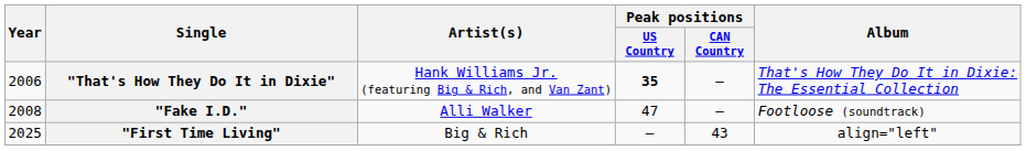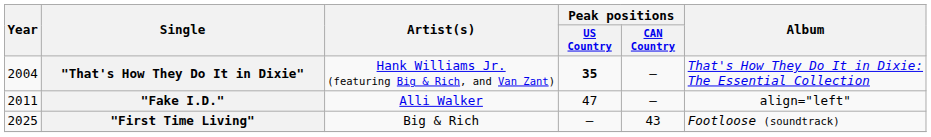 <table class="wikitable plainrowheaders" style="text-align:center;">
 <tr>
 <th rowspan="2">Year</th>
 <th rowspan="2" style="width:22em;">Single</th>
 <th rowspan="2">Artist(s)</th>
 <th colspan="2">Peak positions</th>
 <th rowspan="2">Album</th>
 </tr>
 <tr style="font-size:smaller;">
 <th width="60"><a href='#'>US Country</a><br></th>
 <th width="60"><a href='#'>CAN<br>Country</a><br></th>
 </tr>
 <tr>
-<td>2006</td>
+<td>2004</td>
 <th scope="row">"That's How They Do It in Dixie"</th>
 <td><a href='#'>Hank Williams Jr.</a><br><small>(featuring <a href='#'>Big & Rich</a>, and <a href='#'>Van Zant</a>)</small></td>
 <td><strong>35</strong></td>
 <td>—</td>
 <td align="left"><em><a href='#'>That's How They Do It in Dixie:<br>The Essential Collection</a></em></td>
 </tr>
 <tr>
-<td>2008</td>
+<td>2011</td>
 <th scope="row">"Fake I.D."</th>
 <td><a href='#'>Alli Walker</a></td>
 <td>47</td>
 <td>—</td>
-<td align="left"><em>Footloose</em> <small>(soundtrack)</small></td>
+<td>align="left" </td>
 </tr>
 <tr>
 <td>2025</td>
 <th scope="row">"First Time Living"</th>
 <td>Big & Rich</td>
 <td>—</td>
 <td>43</td>
-<td>align="left" </td>
+<td align="left"><em>Footloose</em> <small>(soundtrack)</small></td>
 </tr>
 <tr>
 </tr>
 </table>
